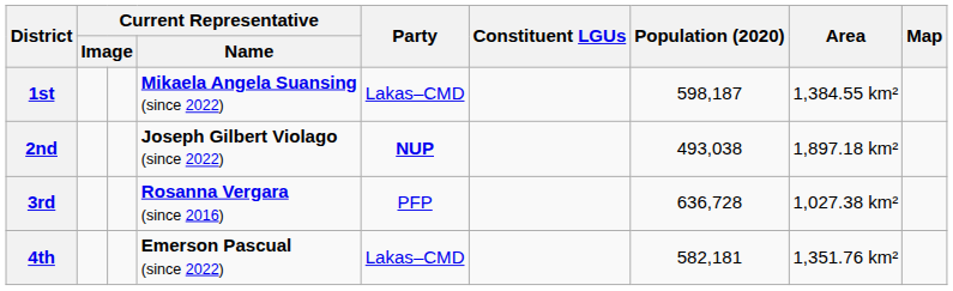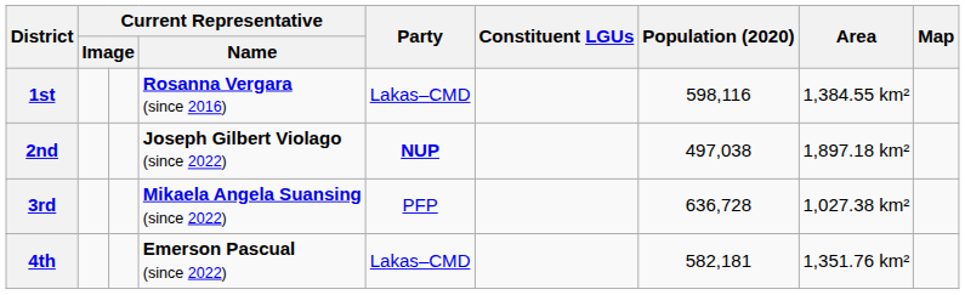 <table class="wikitable sortable" style="margin: 1em auto; font-size:100%; line-height:20px; text-align:center">
 <tr>
 <th rowspan="2">District</th>
 <th colspan="3">Current Representative</th>
 <th rowspan="2">Party</th>
 <th rowspan="2">Constituent <a href='#'>LGUs</a></th>
 <th rowspan="2">Population (2020)</th>
 <th rowspan="2">Area</th>
 <th rowspan="2">Map</th>
 </tr>
 <tr>
 <th colspan="2">Image</th>
 <th>Name</th>
 </tr>
 <tr>
 <th><a href='#'>1st</a></th>
 <td style="background:"></td>
 <td></td>
-<td style="text-align:left;"><strong><a href='#'>Mikaela Angela Suansing</a></strong><br><small>(since <a href='#'>2022</a>)</small></td>
+<td style="text-align:left;"><strong><a href='#'>Rosanna Vergara</a></strong><br><small>(since <a href='#'>2016</a>)</small></td>
 <td><a href='#'>Lakas–CMD</a></td>
 <td></td>
-<td>598,187</td>
+<td>598,116</td>
 <td>1,384.55 km²</td>
 <td></td>
 </tr>
 <tr>
 <th><a href='#'>2nd</a></th>
 <td style="background:"></td>
 <td></td>
 <td style="text-align:left;"><strong>Joseph Gilbert Violago</strong><br><small>(since <a href='#'>2022</a>)</small></td>
 <td><strong><a href='#'>NUP</a></strong></td>
 <td></td>
-<td>493,038</td>
+<td>497,038</td>
 <td>1,897.18 km²</td>
 <td></td>
 </tr>
 <tr>
 <th><a href='#'>3rd</a></th>
 <td style="background:"></td>
 <td></td>
-<td style="text-align:left;"><strong><a href='#'>Rosanna Vergara</a></strong><br><small>(since <a href='#'>2016</a>)</small></td>
+<td style="text-align:left;"><strong><a href='#'>Mikaela Angela Suansing</a></strong><br><small>(since <a href='#'>2022</a>)</small></td>
 <td><a href='#'>PFP</a></td>
 <td></td>
 <td>636,728</td>
 <td>1,027.38 km²</td>
 <td></td>
 </tr>
 <tr>
 <th><a href='#'>4th</a></th>
 <td style="background:"></td>
 <td></td>
 <td style="text-align:left;"><strong>Emerson Pascual</strong><br><small>(since <a href='#'>2022</a>)</small></td>
 <td><a href='#'>Lakas–CMD</a></td>
 <td></td>
 <td>582,181</td>
 <td>1,351.76 km²</td>
 <td></td>
 </tr>
 </table>
